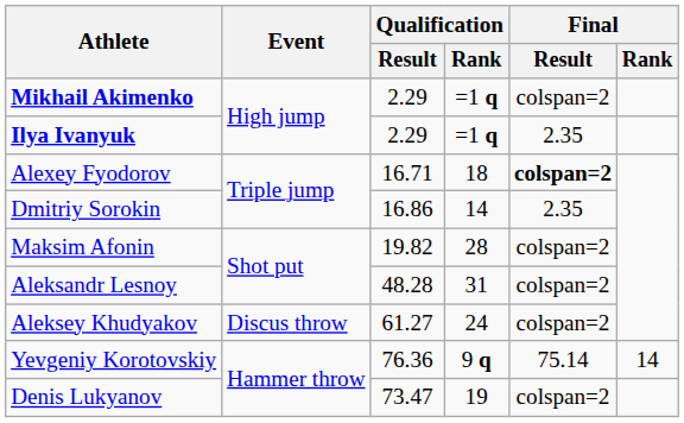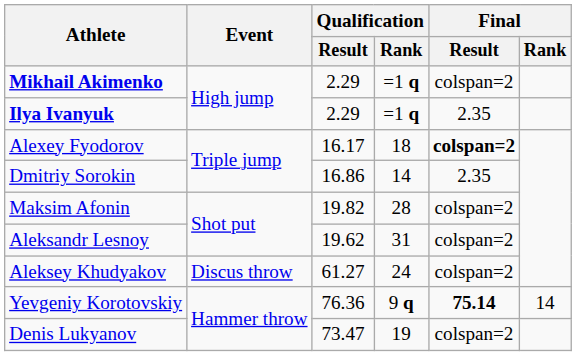 <table class=wikitable style=font-size:90%>
 <tr>
 <th rowspan=2>Athlete</th>
 <th rowspan=2>Event</th>
 <th colspan=2>Qualification</th>
 <th colspan=2>Final</th>
 </tr>
 <tr style=font-size:95%>
 <th>Result</th>
 <th>Rank</th>
 <th>Result</th>
 <th>Rank</th>
 </tr>
 <tr align=center>
 <td align=left><strong><a href='#'>Mikhail Akimenko</a></strong></td>
 <td align=left rowspan=2><a href='#'>High jump</a></td>
 <td>2.29</td>
 <td>=1 <strong>q</strong></td>
 <td>colspan=2 </td>
 <td></td>
 </tr>
 <tr align=center>
 <td align=left><strong><a href='#'>Ilya Ivanyuk</a></strong></td>
 <td>2.29</td>
 <td>=1 <strong>q</strong></td>
 <td>2.35</td>
 <td></td>
 </tr>
 <tr align=center>
 <td align=left><a href='#'>Alexey Fyodorov</a></td>
 <td align=left rowspan=2><a href='#'>Triple jump</a></td>
-<td>16.71</td>
+<td>16.17</td>
 <td>18</td>
 <td><strong>colspan=2 </strong></td>
 </tr>
 <tr align=center>
 <td align=left><a href='#'>Dmitriy Sorokin</a></td>
 <td>16.86</td>
 <td>14</td>
 <td>2.35</td>
 </tr>
 <tr align=center>
 <td align=left><a href='#'>Maksim Afonin</a></td>
 <td align=left rowspan=2><a href='#'>Shot put</a></td>
 <td>19.82</td>
 <td>28</td>
 <td>colspan=2 </td>
 </tr>
 <tr align=center>
 <td align=left><a href='#'>Aleksandr Lesnoy</a></td>
-<td>48.28</td>
+<td>19.62</td>
 <td>31</td>
 <td>colspan=2 </td>
 </tr>
 <tr align=center>
 <td align=left><a href='#'>Aleksey Khudyakov</a></td>
 <td align=left><a href='#'>Discus throw</a></td>
 <td>61.27</td>
 <td>24</td>
 <td>colspan=2 </td>
 </tr>
 <tr align=center>
 <td align=left><a href='#'>Yevgeniy Korotovskiy</a></td>
 <td align=left rowspan=2><a href='#'>Hammer throw</a></td>
 <td>76.36</td>
 <td>9 <strong>q</strong></td>
-<td>75.14</td>
+<td><strong>75.14</strong></td>
 <td>14</td>
 </tr>
 <tr align=center>
 <td align=left><a href='#'>Denis Lukyanov</a></td>
 <td>73.47</td>
 <td>19</td>
 <td>colspan=2 </td>
 </tr>
 </table>
